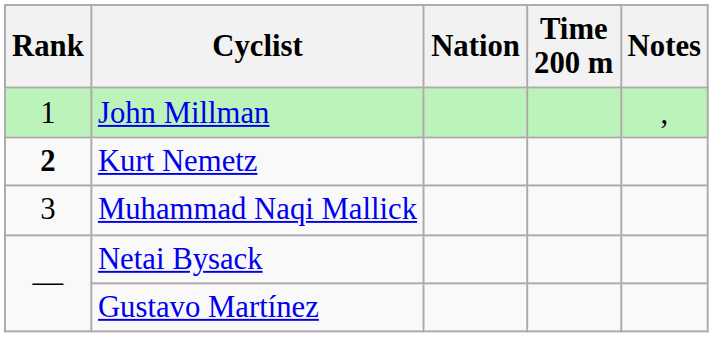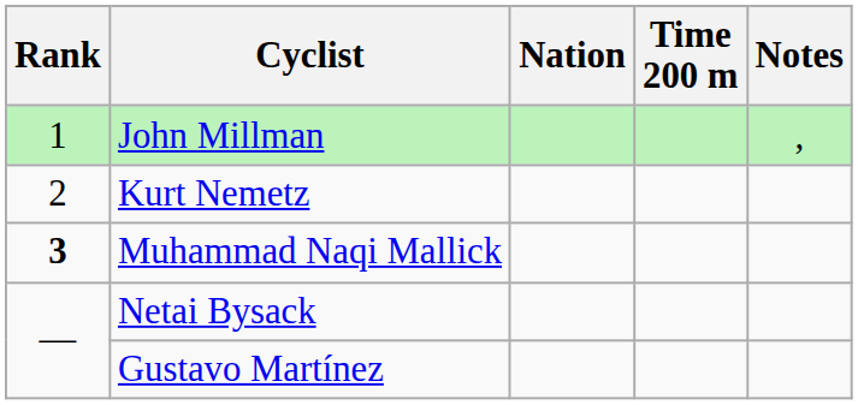 <table class="wikitable sortable" style="text-align:center">
 <tr>
 <th>Rank</th>
 <th>Cyclist</th>
 <th>Nation</th>
 <th>Time<br>200 m</th>
 <th>Notes</th>
 </tr>
 <tr bgcolor=bbf3bb>
 <td>1</td>
 <td align=left><a href='#'>John Millman</a></td>
 <td align=left></td>
 <td></td>
 <td>, </td>
 </tr>
 <tr>
-<td><strong>2</strong></td>
+<td>2</td>
 <td align=left><a href='#'>Kurt Nemetz</a></td>
 <td align=left></td>
 <td></td>
 <td></td>
 </tr>
 <tr>
-<td>3</td>
+<td><strong>3</strong></td>
 <td align=left><a href='#'>Muhammad Naqi Mallick</a></td>
 <td align=left></td>
 <td></td>
 <td></td>
 </tr>
 <tr>
 <td rowspan=2 data-sort-value=4>—</td>
 <td align=left><a href='#'>Netai Bysack</a></td>
 <td align=left></td>
 <td data-sort-value=99.9></td>
 <td></td>
 </tr>
 <tr>
 <td align=left><a href='#'>Gustavo Martínez</a></td>
 <td align=left></td>
 <td data-sort-value=99.9></td>
 <td></td>
 </tr>
 </table>
